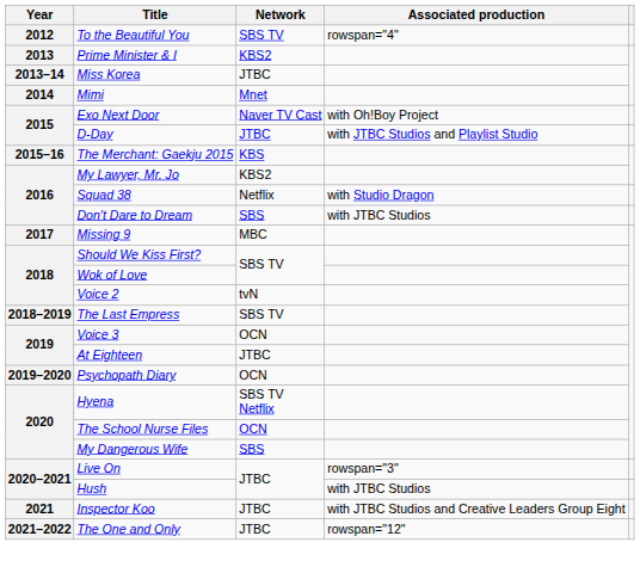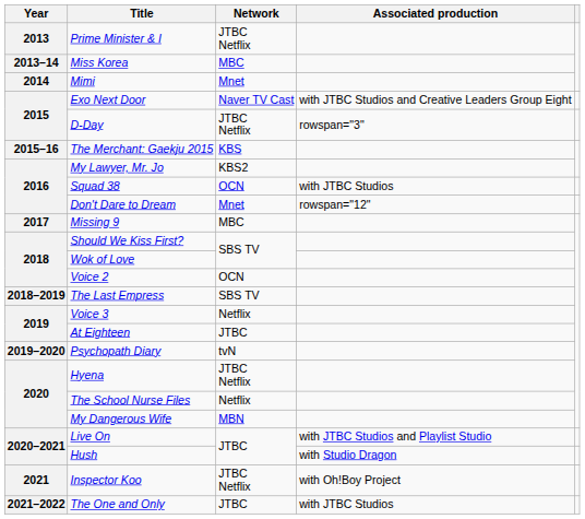 <table class="wikitable plainrowheaders sortable">
 <tr>
 <th scope="col">Year</th>
 <th scope="col">Title</th>
 <th scope="col">Network</th>
 <th scope="col">Associated production</th>
 <th scope="col" class="unsortable"></th>
 </tr>
 <tr>
-<th scope="row">2012</th>
-<td><em><a href='#'>To the Beautiful You</a></em></td>
-<td><a href='#'>SBS TV</a></td>
-<td>rowspan="4" </td>
-<td style="text-align:center"></td>
-</tr>
-<tr>
 <th scope="row">2013</th>
 <td><em><a href='#'>Prime Minister & I</a></em></td>
-<td><a href='#'>KBS2</a></td>
+<td>JTBC<br>Netflix</td>
 <td style="text-align:center"></td>
 </tr>
 <tr>
 <th scope="row">2013–14</th>
 <td><em><a href='#'>Miss Korea</a></em></td>
-<td>JTBC</td>
+<td><a href='#'>MBC</a></td>
 <td style="text-align:center"></td>
 </tr>
 <tr>
 <th scope="row">2014</th>
 <td><em><a href='#'>Mimi</a></em></td>
 <td><a href='#'>Mnet</a></td>
 <td style="text-align:center"></td>
 </tr>
 <tr>
 <th scope="row" rowspan="2">2015</th>
 <td><em><a href='#'>Exo Next Door</a></em></td>
 <td><a href='#'>Naver TV Cast</a></td>
-<td>with Oh!Boy Project</td>
+<td>with JTBC Studios and Creative Leaders Group Eight</td>
 <td style="text-align:center"></td>
 </tr>
 <tr>
 <td><em><a href='#'>D-Day</a></em></td>
-<td><a href='#'>JTBC</a></td>
-<td>with <a href='#'>JTBC Studios</a> and <a href='#'>Playlist Studio</a></td>
+<td>JTBC<br>Netflix</td>
+<td>rowspan="3" </td>
 <td style="text-align:center"></td>
 </tr>
 <tr>
 <th scope="row">2015–16</th>
 <td><em><a href='#'>The Merchant: Gaekju 2015</a></em></td>
 <td><a href='#'>KBS</a></td>
 <td style="text-align:center"></td>
 </tr>
 <tr>
 <th scope="row" rowspan="3">2016</th>
 <td><em><a href='#'>My Lawyer, Mr. Jo</a></em></td>
 <td>KBS2</td>
 <td style="text-align:center"></td>
 </tr>
 <tr>
 <td><em><a href='#'>Squad 38</a></em></td>
-<td>Netflix</td>
-<td>with <a href='#'>Studio Dragon</a></td>
+<td><a href='#'>OCN</a></td>
+<td>with JTBC Studios</td>
 <td style="text-align:center"></td>
 </tr>
 <tr>
 <td><em><a href='#'>Don't Dare to Dream</a></em></td>
-<td><a href='#'>SBS</a></td>
-<td>with JTBC Studios</td>
+<td><a href='#'>Mnet</a></td>
+<td>rowspan="12" </td>
 <td style="text-align:center"></td>
 </tr>
 <tr>
 <th scope="row">2017</th>
 <td><em><a href='#'>Missing 9</a></em></td>
 <td>MBC</td>
 <td style="text-align:center"></td>
 </tr>
 <tr>
 <th rowspan="3" scope="row">2018</th>
 <td><em><a href='#'>Should We Kiss First?</a></em></td>
 <td rowspan="2">SBS TV</td>
 <td style="text-align:center"></td>
 </tr>
 <tr>
 <td><em><a href='#'>Wok of Love</a></em></td>
 <td style="text-align:center"></td>
 </tr>
 <tr>
 <td><em><a href='#'>Voice 2</a></em></td>
-<td>tvN</td>
+<td>OCN</td>
 <td></td>
 </tr>
 <tr>
 <th scope="row">2018–2019</th>
 <td><em><a href='#'>The Last Empress</a></em></td>
 <td>SBS TV</td>
 <td></td>
 </tr>
 <tr>
 <th scope="row" rowspan="2">2019</th>
 <td><em><a href='#'>Voice 3</a></em></td>
-<td>OCN</td>
+<td>Netflix</td>
 <td></td>
 </tr>
 <tr>
 <td><em><a href='#'>At Eighteen</a></em></td>
 <td>JTBC</td>
 <td></td>
 </tr>
 <tr>
 <th scope="row">2019–2020</th>
 <td><em><a href='#'>Psychopath Diary</a></em></td>
-<td>OCN</td>
+<td>tvN</td>
 <td></td>
 </tr>
 <tr>
 <th scope="row" rowspan="3">2020</th>
 <td><em><a href='#'>Hyena</a></em></td>
-<td>SBS TV<br><a href='#'>Netflix</a></td>
+<td>JTBC<br>Netflix</td>
 <td></td>
 </tr>
 <tr>
 <td><em><a href='#'>The School Nurse Files</a></em></td>
-<td><a href='#'>OCN</a></td>
+<td>Netflix</td>
 <td></td>
 </tr>
 <tr>
 <td><em><a href='#'>My Dangerous Wife</a></em></td>
-<td><a href='#'>SBS</a></td>
+<td><a href='#'>MBN</a></td>
 <td></td>
 </tr>
 <tr>
 <th scope="row" rowspan="2">2020–2021</th>
 <td><em><a href='#'>Live On</a></em></td>
 <td rowspan="2">JTBC</td>
-<td>rowspan="3" </td>
+<td>with <a href='#'>JTBC Studios</a> and <a href='#'>Playlist Studio</a></td>
 <td></td>
 </tr>
 <tr>
 <td><em><a href='#'>Hush</a></em></td>
-<td>with JTBC Studios</td>
+<td>with <a href='#'>Studio Dragon</a></td>
 <td></td>
 </tr>
 <tr>
 <th scope="row">2021</th>
 <td><em><a href='#'>Inspector Koo</a></em></td>
-<td>JTBC</td>
-<td>with JTBC Studios and Creative Leaders Group Eight</td>
+<td>JTBC<br>Netflix</td>
+<td>with Oh!Boy Project</td>
 <td></td>
 </tr>
 <tr>
 <th scope="row">2021–2022</th>
 <td><em><a href='#'>The One and Only</a></em></td>
 <td>JTBC</td>
-<td>rowspan="12" </td>
+<td>with JTBC Studios</td>
 <td></td>
 </tr>
 </table>
